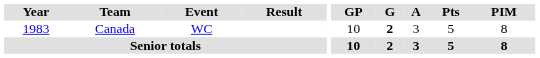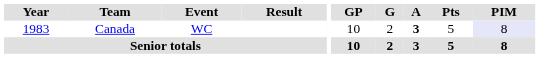 <table border="0" cellpadding="1" cellspacing="0" ID="Table3" style="text-align:center; width:40em">
 <tr bgcolor="#e0e0e0">
 <th>Year</th>
 <th>Team</th>
 <th>Event</th>
 <th>Result</th>
 <th rowspan="102" bgcolor="#ffffff"></th>
 <th>GP</th>
 <th>G</th>
 <th>A</th>
 <th>Pts</th>
 <th>PIM</th>
 </tr>
 <tr>
 <td><a href='#'>1983</a></td>
 <td><a href='#'>Canada</a></td>
 <td><a href='#'>WC</a></td>
 <td></td>
 <td>10</td>
-<td><strong>2</strong></td>
-<td>3</td>
+<td>2</td>
+<td><strong>3</strong></td>
 <td>5</td>
-<td>8</td>
+<td style="background: lavender;">8</td>
 </tr>
 <tr bgcolor="#e0e0e0">
 <th colspan="4">Senior totals</th>
 <th>10</th>
 <th>2</th>
 <th>3</th>
 <th>5</th>
 <th>8</th>
 </tr>
 </table>
